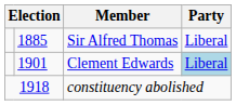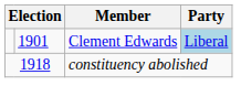 <table class="wikitable">
 <tr>
 <th colspan="2">Election</th>
 <th>Member</th>
 <th>Party</th>
-</tr>
-<tr>
-<td style="color:inherit;background-color: "></td>
-<td><a href='#'>1885</a></td>
-<td><a href='#'>Sir Alfred Thomas</a></td>
-<td><a href='#'>Liberal</a></td>
 </tr>
 <tr>
 <td style="color:inherit;background-color: "></td>
 <td><a href='#'>1901</a></td>
 <td><a href='#'>Clement Edwards</a></td>
 <td style="background: lightblue;"><a href='#'>Liberal</a></td>
 </tr>
 <tr>
 <td colspan="2" align="center"><a href='#'>1918</a></td>
 <td colspan="2"><em>constituency abolished</em></td>
 </tr>
 </table>
